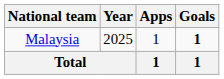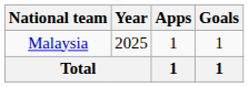 <table class="wikitable" style="text-align:center">
 <tr>
 <th>National team</th>
 <th>Year</th>
 <th>Apps</th>
 <th>Goals</th>
 </tr>
 <tr>
 <td><a href='#'>Malaysia</a></td>
 <td>2025</td>
 <td>1</td>
-<td><strong>1</strong></td>
+<td>1</td>
 </tr>
 <tr>
 <th colspan="2">Total</th>
 <th>1</th>
 <th>1</th>
 </tr>
 </table>
